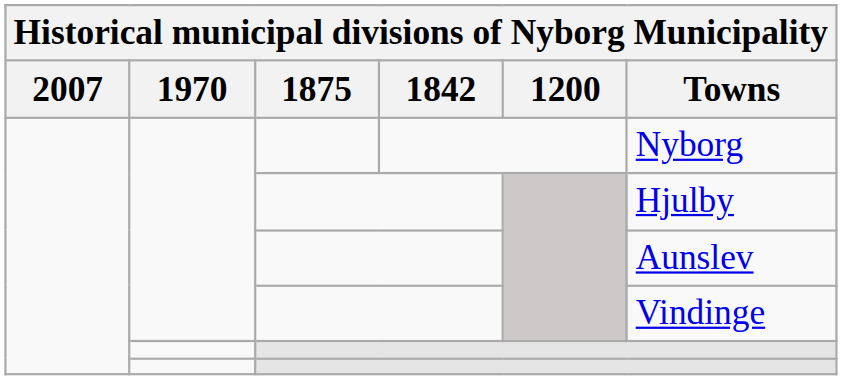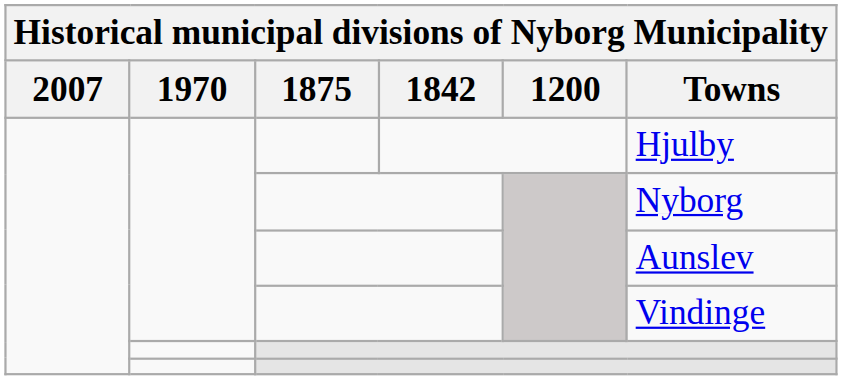 <table class="wikitable" style="margin-left:1em;" style="text-align: center">
 <tr>
 <th colspan="99">Historical municipal divisions of Nyborg Municipality</th>
 </tr>
 <tr>
 <th>2007</th>
 <th>1970</th>
 <th>1875</th>
 <th>1842</th>
 <th>1200</th>
 <th>Towns</th>
 </tr>
 <tr>
 <td rowspan="99"></td>
 <td rowspan="4"></td>
 <td colspan="1"></td>
 <td colspan="2"></td>
-<td><a href='#'>Nyborg</a></td>
+<td><a href='#'>Hjulby</a></td>
 </tr>
 <tr>
 <td colspan="2"></td>
 <td rowspan="3" colspan="1" style="background:#CDC9C9;"></td>
-<td><a href='#'>Hjulby</a></td>
+<td><a href='#'>Nyborg</a></td>
 </tr>
 <tr>
 <td colspan="2"></td>
 <td><a href='#'>Aunslev</a></td>
 </tr>
 <tr>
 <td colspan="2"></td>
 <td><a href='#'>Vindinge</a></td>
 </tr>
 <tr>
 <td></td>
 <td colspan="5" style="background:#E5E5E5;"></td>
 </tr>
 <tr>
 <td></td>
 <td colspan="5" style="background:#E5E5E5;"></td>
 </tr>
 </table>
